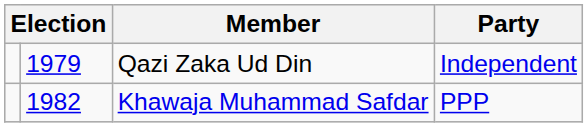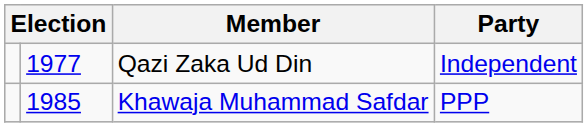 <table class="wikitable">
 <tr>
 <th colspan="2">Election</th>
 <th>Member</th>
 <th>Party</th>
 </tr>
 <tr>
 <td style="background-color: "></td>
-<td><a href='#'>1979</a></td>
+<td><a href='#'>1977</a></td>
 <td>Qazi Zaka Ud Din</td>
 <td><a href='#'>Independent</a></td>
 </tr>
 <tr>
 <td style="background-color: "></td>
-<td><a href='#'>1982</a></td>
+<td><a href='#'>1985</a></td>
 <td><a href='#'>Khawaja Muhammad Safdar</a></td>
 <td><a href='#'>PPP</a></td>
 </tr>
 </table>
